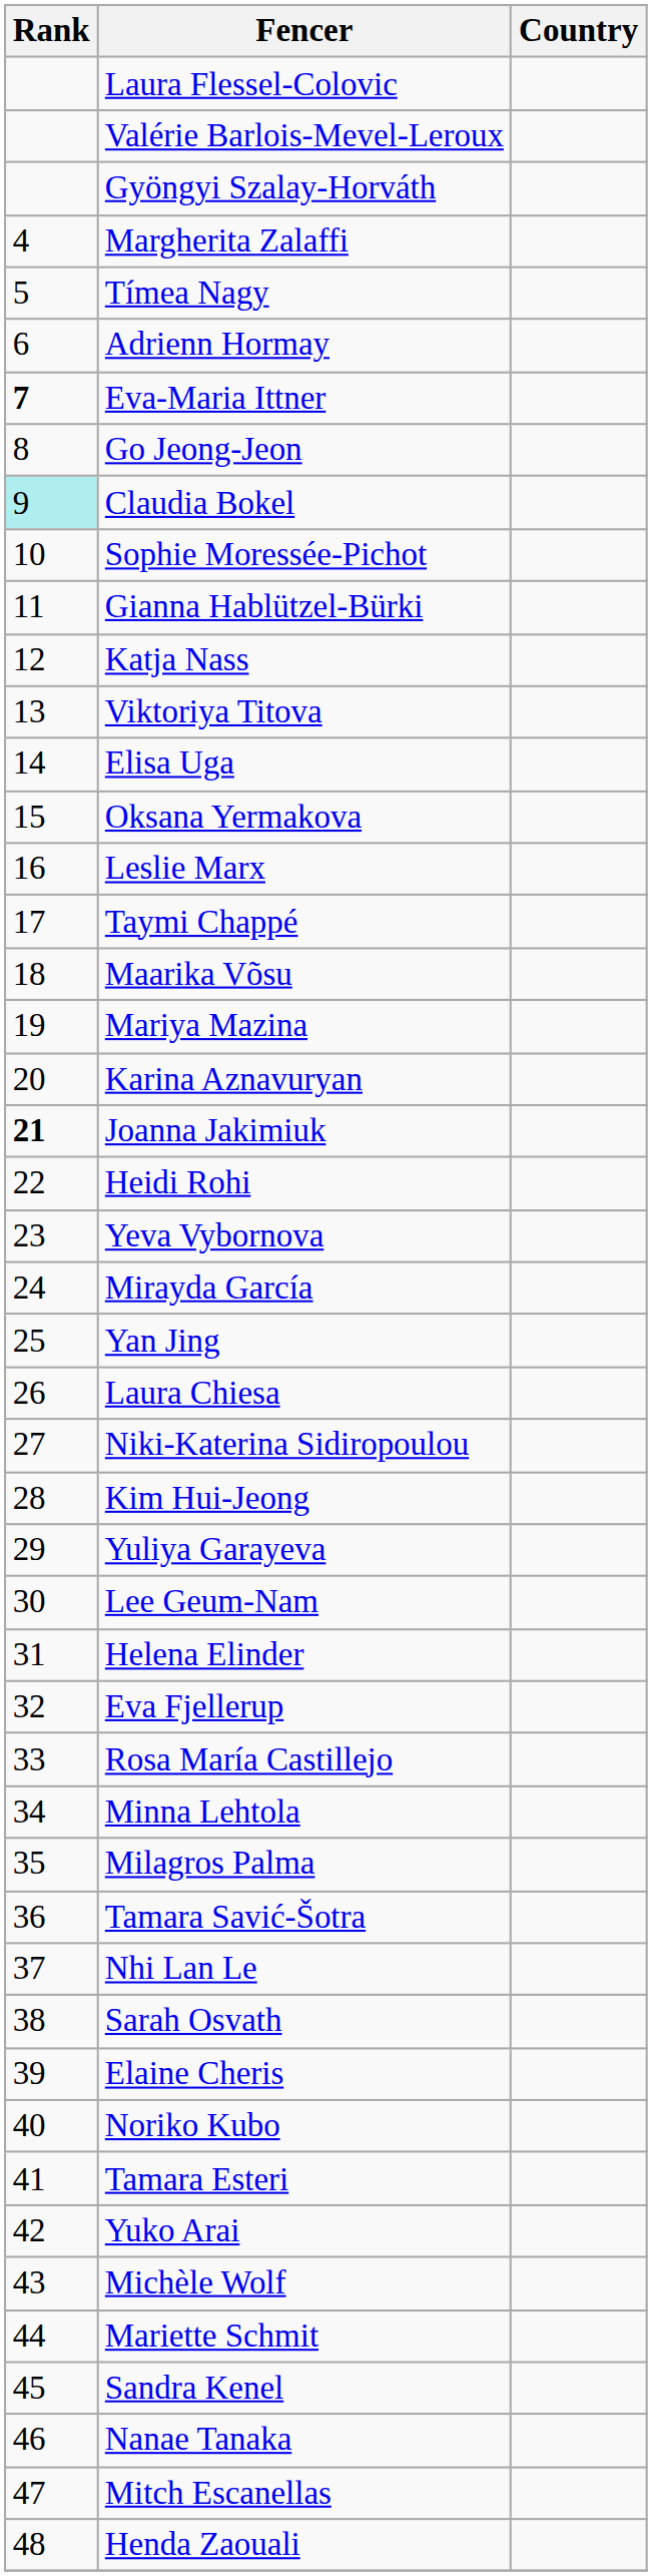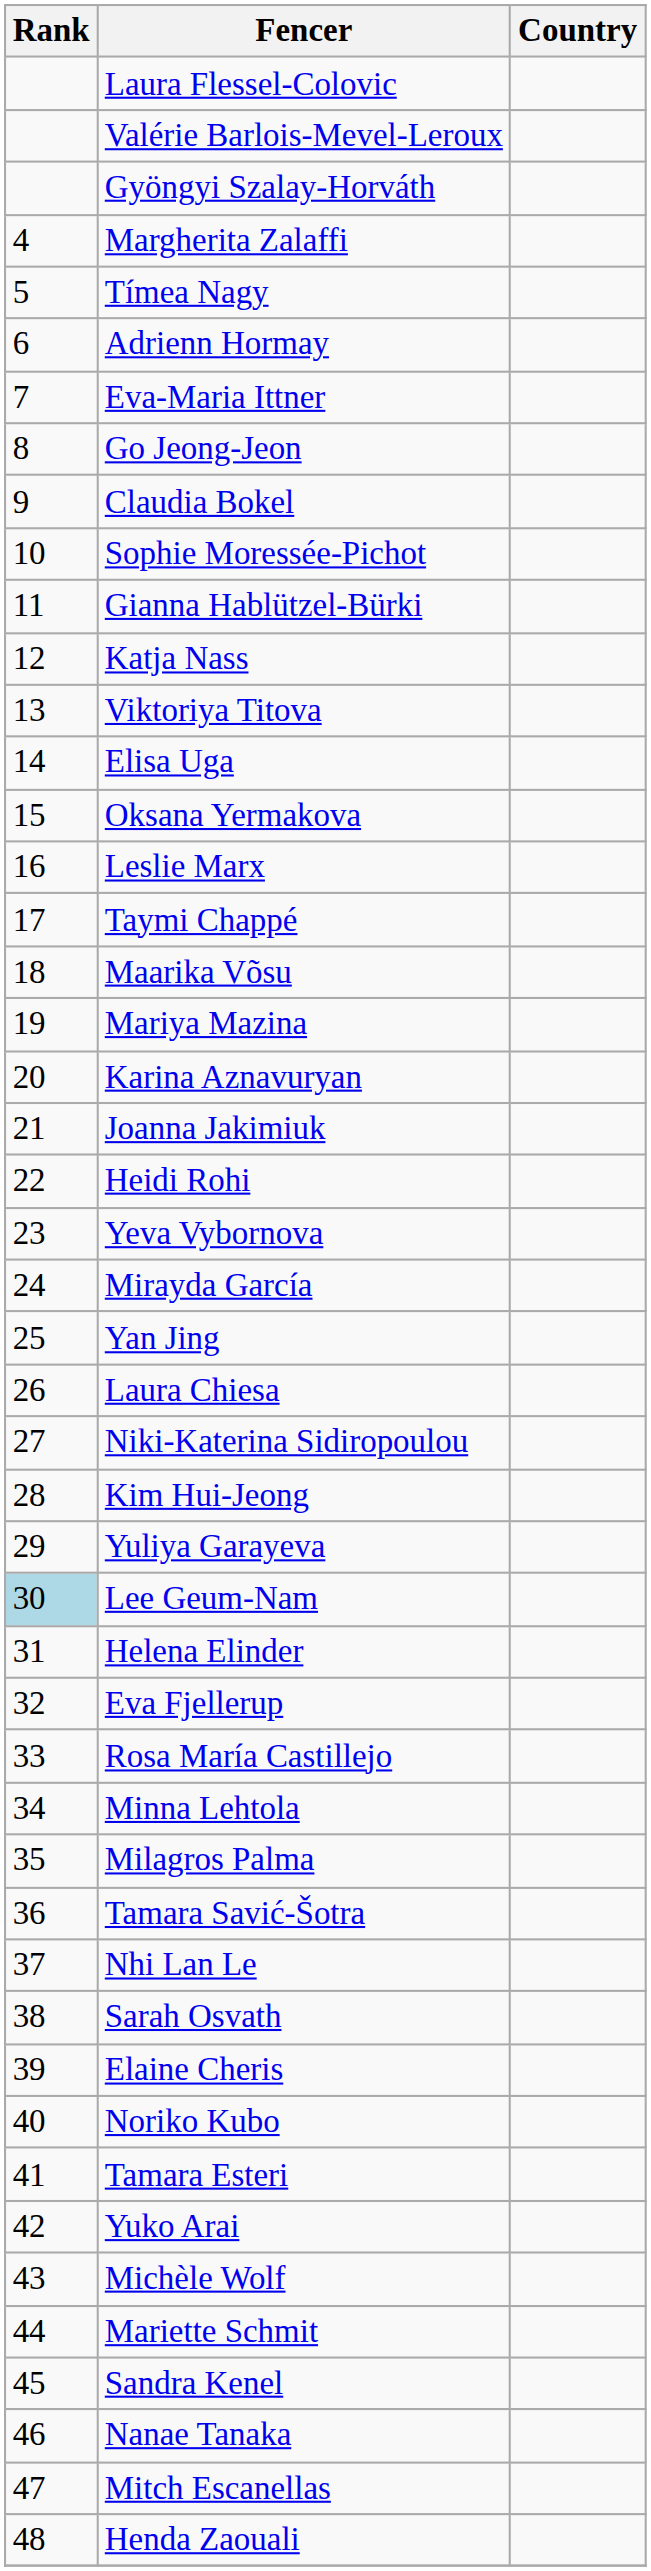 <table class="wikitable" style="text-align: left;">
 <tr>
 <th>Rank</th>
 <th>Fencer</th>
 <th>Country</th>
 </tr>
 <tr>
 <td></td>
 <td><a href='#'>Laura Flessel-Colovic</a></td>
 <td></td>
 </tr>
 <tr>
 <td></td>
 <td><a href='#'>Valérie Barlois-Mevel-Leroux</a></td>
 <td></td>
 </tr>
 <tr>
 <td></td>
 <td><a href='#'>Gyöngyi Szalay-Horváth</a></td>
 <td></td>
 </tr>
 <tr>
 <td>4</td>
 <td><a href='#'>Margherita Zalaffi</a></td>
 <td></td>
 </tr>
 <tr>
 <td>5</td>
 <td><a href='#'>Tímea Nagy</a></td>
 <td></td>
 </tr>
 <tr>
 <td>6</td>
 <td><a href='#'>Adrienn Hormay</a></td>
 <td></td>
 </tr>
 <tr>
-<td><strong>7</strong></td>
+<td>7</td>
 <td><a href='#'>Eva-Maria Ittner</a></td>
 <td></td>
 </tr>
 <tr>
 <td>8</td>
 <td><a href='#'>Go Jeong-Jeon</a></td>
 <td></td>
 </tr>
 <tr>
-<td style="background: paleturquoise;">9</td>
+<td>9</td>
 <td><a href='#'>Claudia Bokel</a></td>
 <td></td>
 </tr>
 <tr>
 <td>10</td>
 <td><a href='#'>Sophie Moressée-Pichot</a></td>
 <td></td>
 </tr>
 <tr>
 <td>11</td>
 <td><a href='#'>Gianna Hablützel-Bürki</a></td>
 <td></td>
 </tr>
 <tr>
 <td>12</td>
 <td><a href='#'>Katja Nass</a></td>
 <td></td>
 </tr>
 <tr>
 <td>13</td>
 <td><a href='#'>Viktoriya Titova</a></td>
 <td></td>
 </tr>
 <tr>
 <td>14</td>
 <td><a href='#'>Elisa Uga</a></td>
 <td></td>
 </tr>
 <tr>
 <td>15</td>
 <td><a href='#'>Oksana Yermakova</a></td>
 <td></td>
 </tr>
 <tr>
 <td>16</td>
 <td><a href='#'>Leslie Marx</a></td>
 <td></td>
 </tr>
 <tr>
 <td>17</td>
 <td><a href='#'>Taymi Chappé</a></td>
 <td></td>
 </tr>
 <tr>
 <td>18</td>
 <td><a href='#'>Maarika Võsu</a></td>
 <td></td>
 </tr>
 <tr>
 <td>19</td>
 <td><a href='#'>Mariya Mazina</a></td>
 <td></td>
 </tr>
 <tr>
 <td>20</td>
 <td><a href='#'>Karina Aznavuryan</a></td>
 <td></td>
 </tr>
 <tr>
-<td><strong>21</strong></td>
+<td>21</td>
 <td><a href='#'>Joanna Jakimiuk</a></td>
 <td></td>
 </tr>
 <tr>
 <td>22</td>
 <td><a href='#'>Heidi Rohi</a></td>
 <td></td>
 </tr>
 <tr>
 <td>23</td>
 <td><a href='#'>Yeva Vybornova</a></td>
 <td></td>
 </tr>
 <tr>
 <td>24</td>
 <td><a href='#'>Mirayda García</a></td>
 <td></td>
 </tr>
 <tr>
 <td>25</td>
 <td><a href='#'>Yan Jing</a></td>
 <td></td>
 </tr>
 <tr>
 <td>26</td>
 <td><a href='#'>Laura Chiesa</a></td>
 <td></td>
 </tr>
 <tr>
 <td>27</td>
 <td><a href='#'>Niki-Katerina Sidiropoulou</a></td>
 <td></td>
 </tr>
 <tr>
 <td>28</td>
 <td><a href='#'>Kim Hui-Jeong</a></td>
 <td></td>
 </tr>
 <tr>
 <td>29</td>
 <td><a href='#'>Yuliya Garayeva</a></td>
 <td></td>
 </tr>
 <tr>
-<td>30</td>
+<td style="background: lightblue;">30</td>
 <td><a href='#'>Lee Geum-Nam</a></td>
 <td></td>
 </tr>
 <tr>
 <td>31</td>
 <td><a href='#'>Helena Elinder</a></td>
 <td></td>
 </tr>
 <tr>
 <td>32</td>
 <td><a href='#'>Eva Fjellerup</a></td>
 <td></td>
 </tr>
 <tr>
 <td>33</td>
 <td><a href='#'>Rosa María Castillejo</a></td>
 <td></td>
 </tr>
 <tr>
 <td>34</td>
 <td><a href='#'>Minna Lehtola</a></td>
 <td></td>
 </tr>
 <tr>
 <td>35</td>
 <td><a href='#'>Milagros Palma</a></td>
 <td></td>
 </tr>
 <tr>
 <td>36</td>
 <td><a href='#'>Tamara Savić-Šotra</a></td>
 <td></td>
 </tr>
 <tr>
 <td>37</td>
 <td><a href='#'>Nhi Lan Le</a></td>
 <td></td>
 </tr>
 <tr>
 <td>38</td>
 <td><a href='#'>Sarah Osvath</a></td>
 <td></td>
 </tr>
 <tr>
 <td>39</td>
 <td><a href='#'>Elaine Cheris</a></td>
 <td></td>
 </tr>
 <tr>
 <td>40</td>
 <td><a href='#'>Noriko Kubo</a></td>
 <td></td>
 </tr>
 <tr>
 <td>41</td>
 <td><a href='#'>Tamara Esteri</a></td>
 <td></td>
 </tr>
 <tr>
 <td>42</td>
 <td><a href='#'>Yuko Arai</a></td>
 <td></td>
 </tr>
 <tr>
 <td>43</td>
 <td><a href='#'>Michèle Wolf</a></td>
 <td></td>
 </tr>
 <tr>
 <td>44</td>
 <td><a href='#'>Mariette Schmit</a></td>
 <td></td>
 </tr>
 <tr>
 <td>45</td>
 <td><a href='#'>Sandra Kenel</a></td>
 <td></td>
 </tr>
 <tr>
 <td>46</td>
 <td><a href='#'>Nanae Tanaka</a></td>
 <td></td>
 </tr>
 <tr>
 <td>47</td>
 <td><a href='#'>Mitch Escanellas</a></td>
 <td></td>
 </tr>
 <tr>
 <td>48</td>
 <td><a href='#'>Henda Zaouali</a></td>
 <td></td>
 </tr>
 <tr>
 </tr>
 </table>
